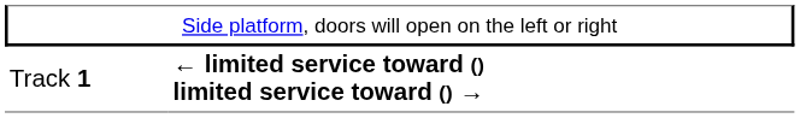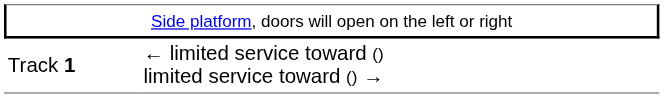 <table table border=0 cellspacing=0 cellpadding=3>
 <tr>
 <td style="border-top:solid 1px gray;border-bottom:solid 2px black;border-right:solid 2px black;border-left:solid 2px black;text-align:center;" colspan=2><small><a href='#'>Side platform</a>, doors will open on the left or right</small> </td>
 </tr>
 <tr>
 <td style="border-bottom:solid 1px gray;" width=100>Track <strong>1</strong></td>
-<td style="border-bottom:solid 1px gray;" width=400><strong>←  limited service toward  <small>()</small><br>  limited service toward  <small>()</small> →</strong></td>
+<td style="border-bottom:solid 1px gray;" width=400>←  limited service toward  <small>()</small><br>  limited service toward  <small>()</small> →</td>
 </tr>
 </table>
